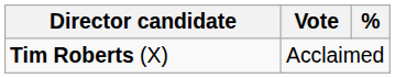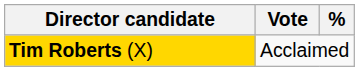 <table class="wikitable">
 <tr>
 <th width="200px">Director candidate</th>
 <th>Vote</th>
 <th>%</th>
 </tr>
 <tr>
-<td><strong>Tim Roberts</strong> (X) </td>
+<td style="background: gold;"><strong>Tim Roberts</strong> (X) </td>
 <td colspan="2">Acclaimed</td>
 </tr>
 </table>
